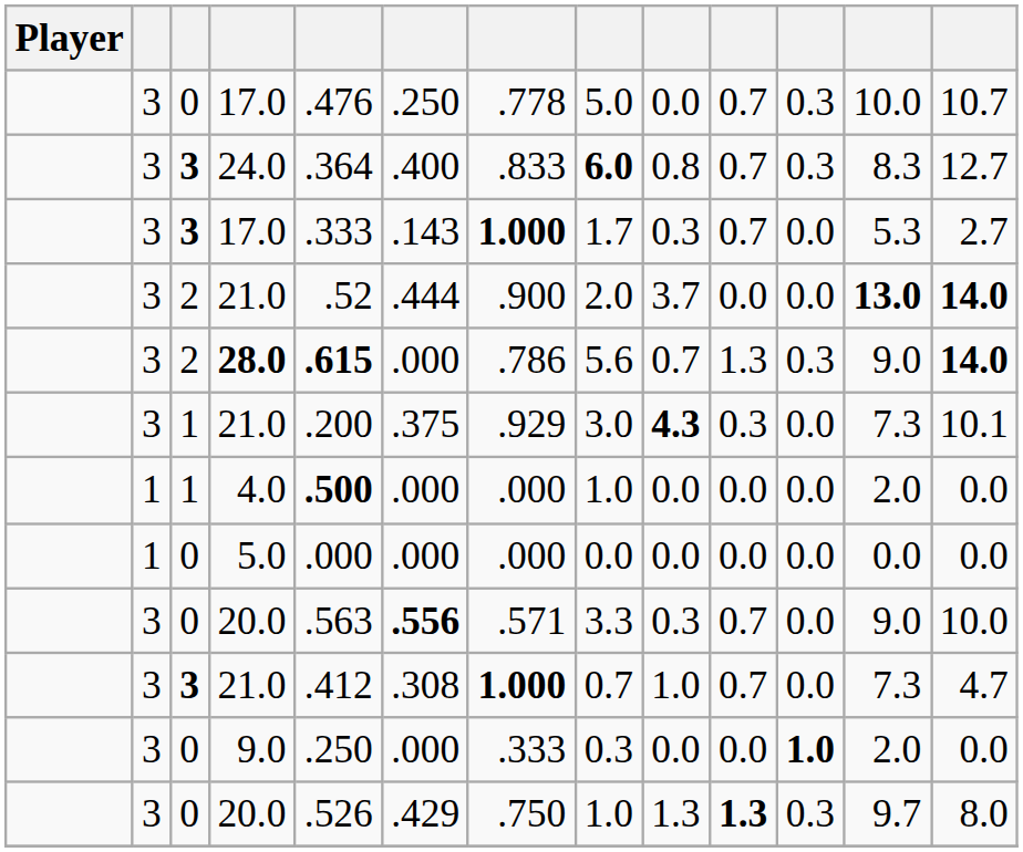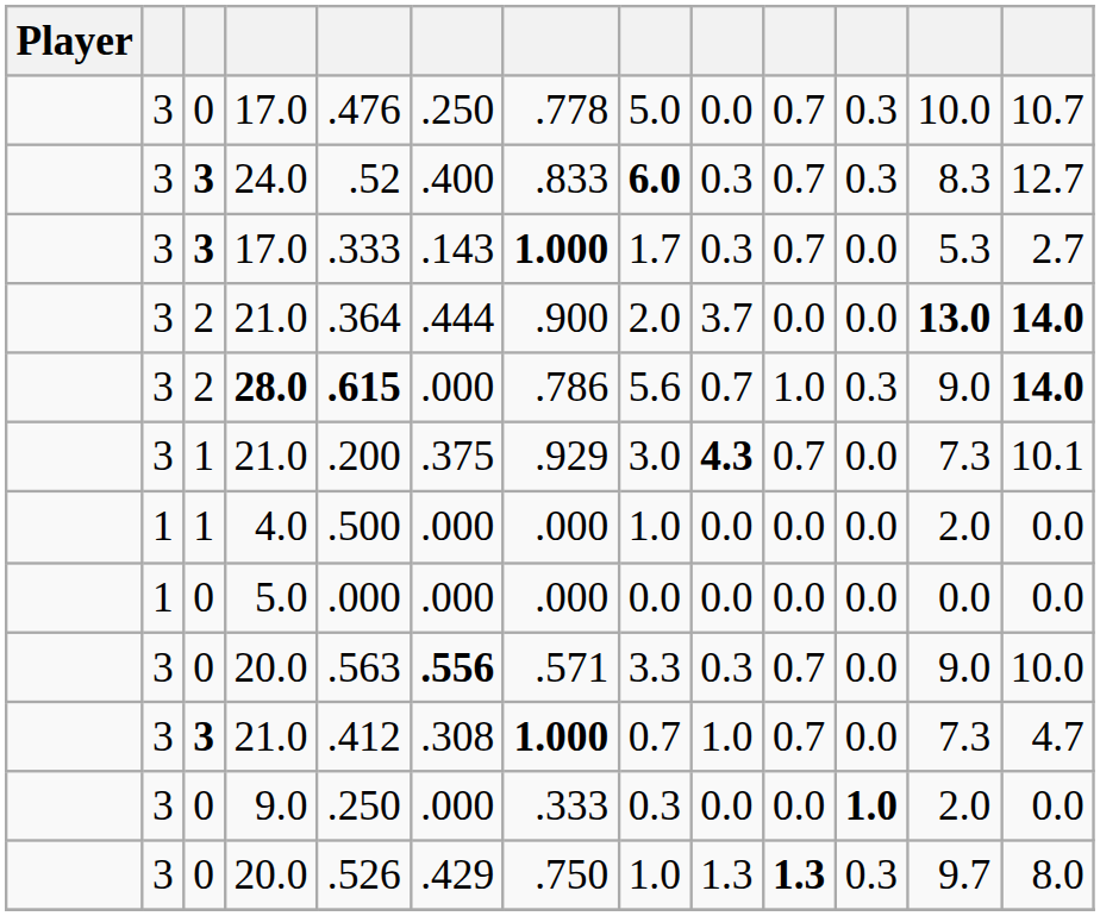 <table class="wikitable sortable" style="font-size:95%; text-align:right">
 <tr>
 <th>Player</th>
 <th></th>
 <th></th>
 <th></th>
 <th></th>
 <th></th>
 <th></th>
 <th></th>
 <th></th>
 <th></th>
 <th></th>
 <th></th>
 <th></th>
 </tr>
 <tr>
 <td><strong></strong></td>
 <td>3</td>
 <td>0</td>
 <td>17.0</td>
 <td>.476</td>
 <td>.250</td>
 <td>.778</td>
 <td>5.0</td>
 <td>0.0</td>
 <td>0.7</td>
 <td>0.3</td>
 <td>10.0</td>
 <td>10.7</td>
 </tr>
 <tr>
 <td><strong></strong></td>
 <td>3</td>
 <td><strong>3</strong></td>
 <td>24.0</td>
-<td>.364</td>
+<td>.52</td>
 <td>.400</td>
 <td>.833</td>
 <td><strong>6.0</strong></td>
-<td>0.8</td>
+<td>0.3</td>
 <td>0.7</td>
 <td>0.3</td>
 <td>8.3</td>
 <td>12.7</td>
 </tr>
 <tr>
 <td><strong></strong></td>
 <td>3</td>
 <td><strong>3</strong></td>
 <td>17.0</td>
 <td>.333</td>
 <td>.143</td>
 <td><strong>1.000</strong></td>
 <td>1.7</td>
 <td>0.3</td>
 <td>0.7</td>
 <td>0.0</td>
 <td>5.3</td>
 <td>2.7</td>
 </tr>
 <tr>
 <td><strong></strong></td>
 <td>3</td>
 <td>2</td>
 <td>21.0</td>
-<td>.52</td>
+<td>.364</td>
 <td>.444</td>
 <td>.900</td>
 <td>2.0</td>
 <td>3.7</td>
 <td>0.0</td>
 <td>0.0</td>
 <td><strong>13.0</strong></td>
 <td><strong>14.0</strong></td>
 </tr>
 <tr>
 <td><strong></strong></td>
 <td>3</td>
 <td>2</td>
 <td><strong>28.0</strong></td>
 <td><strong>.615</strong></td>
 <td>.000</td>
 <td>.786</td>
 <td>5.6</td>
 <td>0.7</td>
-<td>1.3</td>
+<td>1.0</td>
 <td>0.3</td>
 <td>9.0</td>
 <td><strong>14.0</strong></td>
 </tr>
 <tr>
 <td><strong></strong></td>
 <td>3</td>
 <td>1</td>
 <td>21.0</td>
 <td>.200</td>
 <td>.375</td>
 <td>.929</td>
 <td>3.0</td>
 <td><strong>4.3</strong></td>
-<td>0.3</td>
+<td>0.7</td>
 <td>0.0</td>
 <td>7.3</td>
 <td>10.1</td>
 </tr>
 <tr>
 <td><strong></strong></td>
 <td>1</td>
 <td>1</td>
 <td>4.0</td>
-<td><strong>.500</strong></td>
+<td>.500</td>
 <td>.000</td>
 <td>.000</td>
 <td>1.0</td>
 <td>0.0</td>
 <td>0.0</td>
 <td>0.0</td>
 <td>2.0</td>
 <td>0.0</td>
 </tr>
 <tr>
 <td><strong></strong></td>
 <td>1</td>
 <td>0</td>
 <td>5.0</td>
 <td>.000</td>
 <td>.000</td>
 <td>.000</td>
 <td>0.0</td>
 <td>0.0</td>
 <td>0.0</td>
 <td>0.0</td>
 <td>0.0</td>
 <td>0.0</td>
 </tr>
 <tr>
 <td><strong></strong></td>
 <td>3</td>
 <td>0</td>
 <td>20.0</td>
 <td>.563</td>
 <td><strong>.556</strong></td>
 <td>.571</td>
 <td>3.3</td>
 <td>0.3</td>
 <td>0.7</td>
 <td>0.0</td>
 <td>9.0</td>
 <td>10.0</td>
 </tr>
 <tr>
 <td><strong></strong></td>
 <td>3</td>
 <td><strong>3</strong></td>
 <td>21.0</td>
 <td>.412</td>
 <td>.308</td>
 <td><strong>1.000</strong></td>
 <td>0.7</td>
 <td>1.0</td>
 <td>0.7</td>
 <td>0.0</td>
 <td>7.3</td>
 <td>4.7</td>
 </tr>
 <tr>
 <td><strong></strong></td>
 <td>3</td>
 <td>0</td>
 <td>9.0</td>
 <td>.250</td>
 <td>.000</td>
 <td>.333</td>
 <td>0.3</td>
 <td>0.0</td>
 <td>0.0</td>
 <td><strong>1.0</strong></td>
 <td>2.0</td>
 <td>0.0</td>
 </tr>
 <tr>
 <td><strong></strong></td>
 <td>3</td>
 <td>0</td>
 <td>20.0</td>
 <td>.526</td>
 <td>.429</td>
 <td>.750</td>
 <td>1.0</td>
 <td>1.3</td>
 <td><strong>1.3</strong></td>
 <td>0.3</td>
 <td>9.7</td>
 <td>8.0</td>
 </tr>
 <tr>
 </tr>
 </table>
